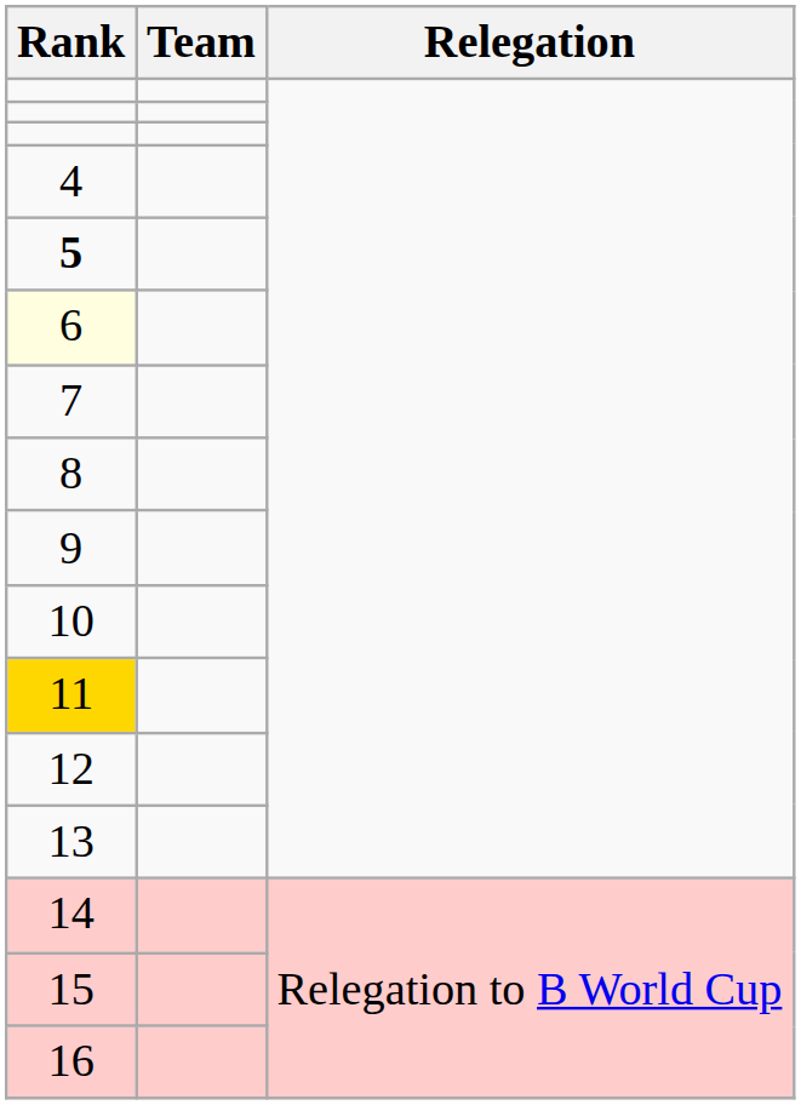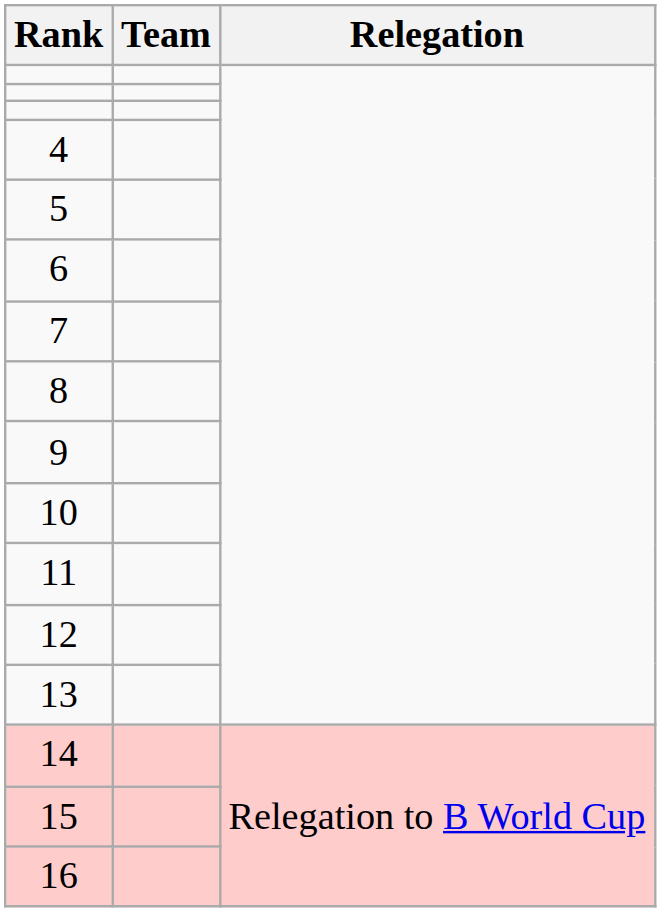 <table class="wikitable">
 <tr>
 <th>Rank</th>
 <th>Team</th>
 <th>Relegation</th>
 </tr>
 <tr>
 <td align=center></td>
 <td align="left"></td>
 <td rowspan=13></td>
 </tr>
 <tr>
 <td align=center></td>
 <td align="left"></td>
 </tr>
 <tr>
 <td align=center></td>
 <td align="left"></td>
 </tr>
 <tr>
 <td align=center>4</td>
 <td align="left"></td>
 </tr>
 <tr>
-<td align=center><strong>5</strong></td>
+<td align=center>5</td>
 <td align="left"></td>
 </tr>
 <tr>
-<td align=center style="background: lightyellow;">6</td>
+<td align=center>6</td>
 <td align="left"></td>
 </tr>
 <tr>
 <td align=center>7</td>
 <td align="left"></td>
 </tr>
 <tr>
 <td align=center>8</td>
 <td align="left"></td>
 </tr>
 <tr>
 <td align=center>9</td>
 <td align="left"></td>
 </tr>
 <tr>
 <td align=center>10</td>
 <td align="left"></td>
 </tr>
 <tr>
-<td align=center style="background: gold;">11</td>
+<td align=center>11</td>
 <td align="left"></td>
 </tr>
 <tr>
 <td align=center>12</td>
 <td align="left"></td>
 </tr>
 <tr>
 <td align=center>13</td>
 <td align="left"></td>
 </tr>
 <tr bgcolor=FFCCCC>
 <td align=center>14</td>
 <td align="left"></td>
 <td rowspan=3>Relegation to <a href='#'>B World Cup</a></td>
 </tr>
 <tr bgcolor=FFCCCC>
 <td align=center>15</td>
 <td align="left"></td>
 </tr>
 <tr bgcolor=FFCCCC>
 <td align=center>16</td>
 <td align="left"></td>
 </tr>
 </table>
